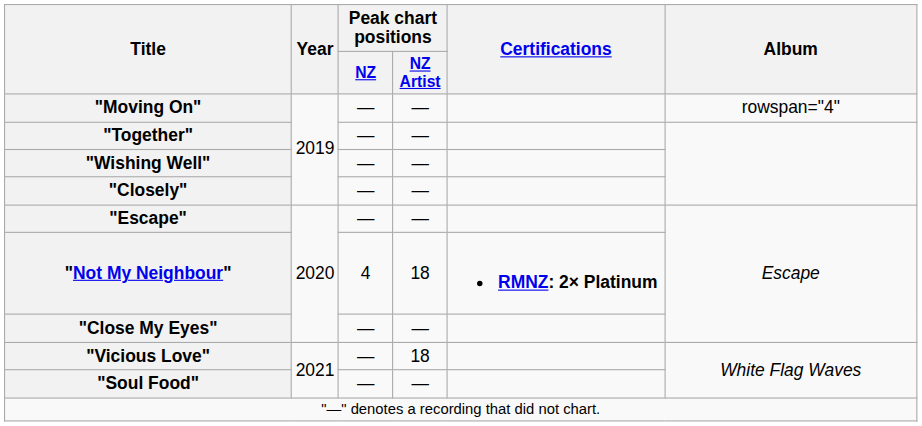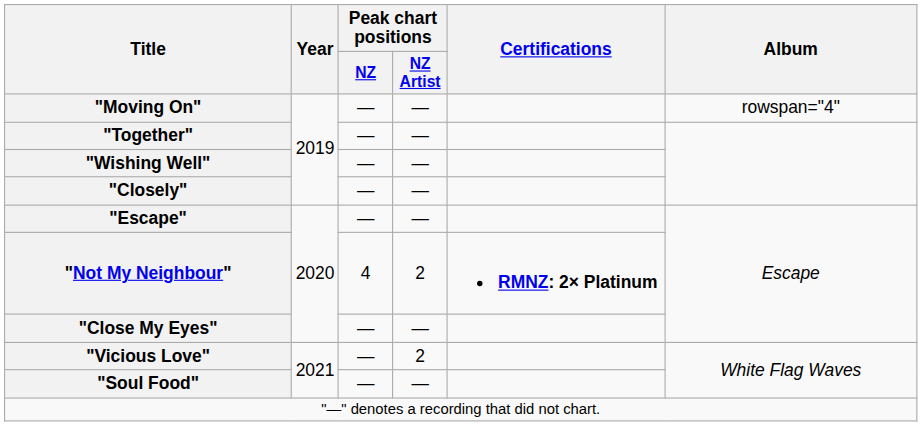 <table class="wikitable plainrowheaders" style="text-align:center;">
 <tr>
 <th scope="col" rowspan="2" style="width:16em;">Title</th>
 <th scope="col" rowspan="2" style="width:1em;">Year</th>
 <th scope="col" colspan="2">Peak chart positions</th>
 <th scope="col" rowspan="2" style="width:12em;"><a href='#'>Certifications</a></th>
 <th scope="col" rowspan="2" style="width:14em;">Album</th>
 </tr>
 <tr>
 <th scope="col" style="width:3em;font-size:90%;"><a href='#'>NZ</a><br></th>
 <th scope="col" style="width:3em;font-size:90%;"><a href='#'>NZ<br>Artist</a><br></th>
 </tr>
 <tr>
 <th scope="row">"Moving On"</th>
 <td rowspan="4">2019</td>
 <td>—</td>
 <td>—</td>
 <td></td>
 <td>rowspan="4" </td>
 </tr>
 <tr>
 <th scope="row">"Together"</th>
 <td>—</td>
 <td>—</td>
 <td></td>
 </tr>
 <tr>
 <th scope="row">"Wishing Well"</th>
 <td>—</td>
 <td>—</td>
 <td></td>
 </tr>
 <tr>
 <th scope="row">"Closely"</th>
 <td>—</td>
 <td>—</td>
 <td></td>
 </tr>
 <tr>
 <th scope="row">"Escape"</th>
 <td rowspan="3">2020</td>
 <td>—</td>
 <td>—</td>
 <td></td>
 <td rowspan="3"><em>Escape</em></td>
 </tr>
 <tr>
 <th scope="row">"<a href='#'>Not My Neighbour</a>"<br></th>
 <td>4</td>
-<td>18</td>
+<td>2</td>
 <td><strong><br><ul><li><a href='#'>RMNZ</a>: 2× Platinum</li></ul></strong></td>
 </tr>
 <tr>
 <th scope="row">"Close My Eyes"</th>
 <td>—</td>
 <td>—</td>
 <td></td>
 </tr>
 <tr>
 <th scope="row">"Vicious Love"</th>
 <td rowspan="2">2021</td>
 <td>—</td>
-<td>18</td>
+<td>2</td>
 <td></td>
 <td rowspan="2"><em>White Flag Waves</em></td>
 </tr>
 <tr>
 <th scope="row">"Soul Food"</th>
 <td>—</td>
 <td>—</td>
 <td></td>
 </tr>
 <tr>
 <td colspan="8" style="font-size:85%;">"—" denotes a recording that did not chart.</td>
 </tr>
 </table>
